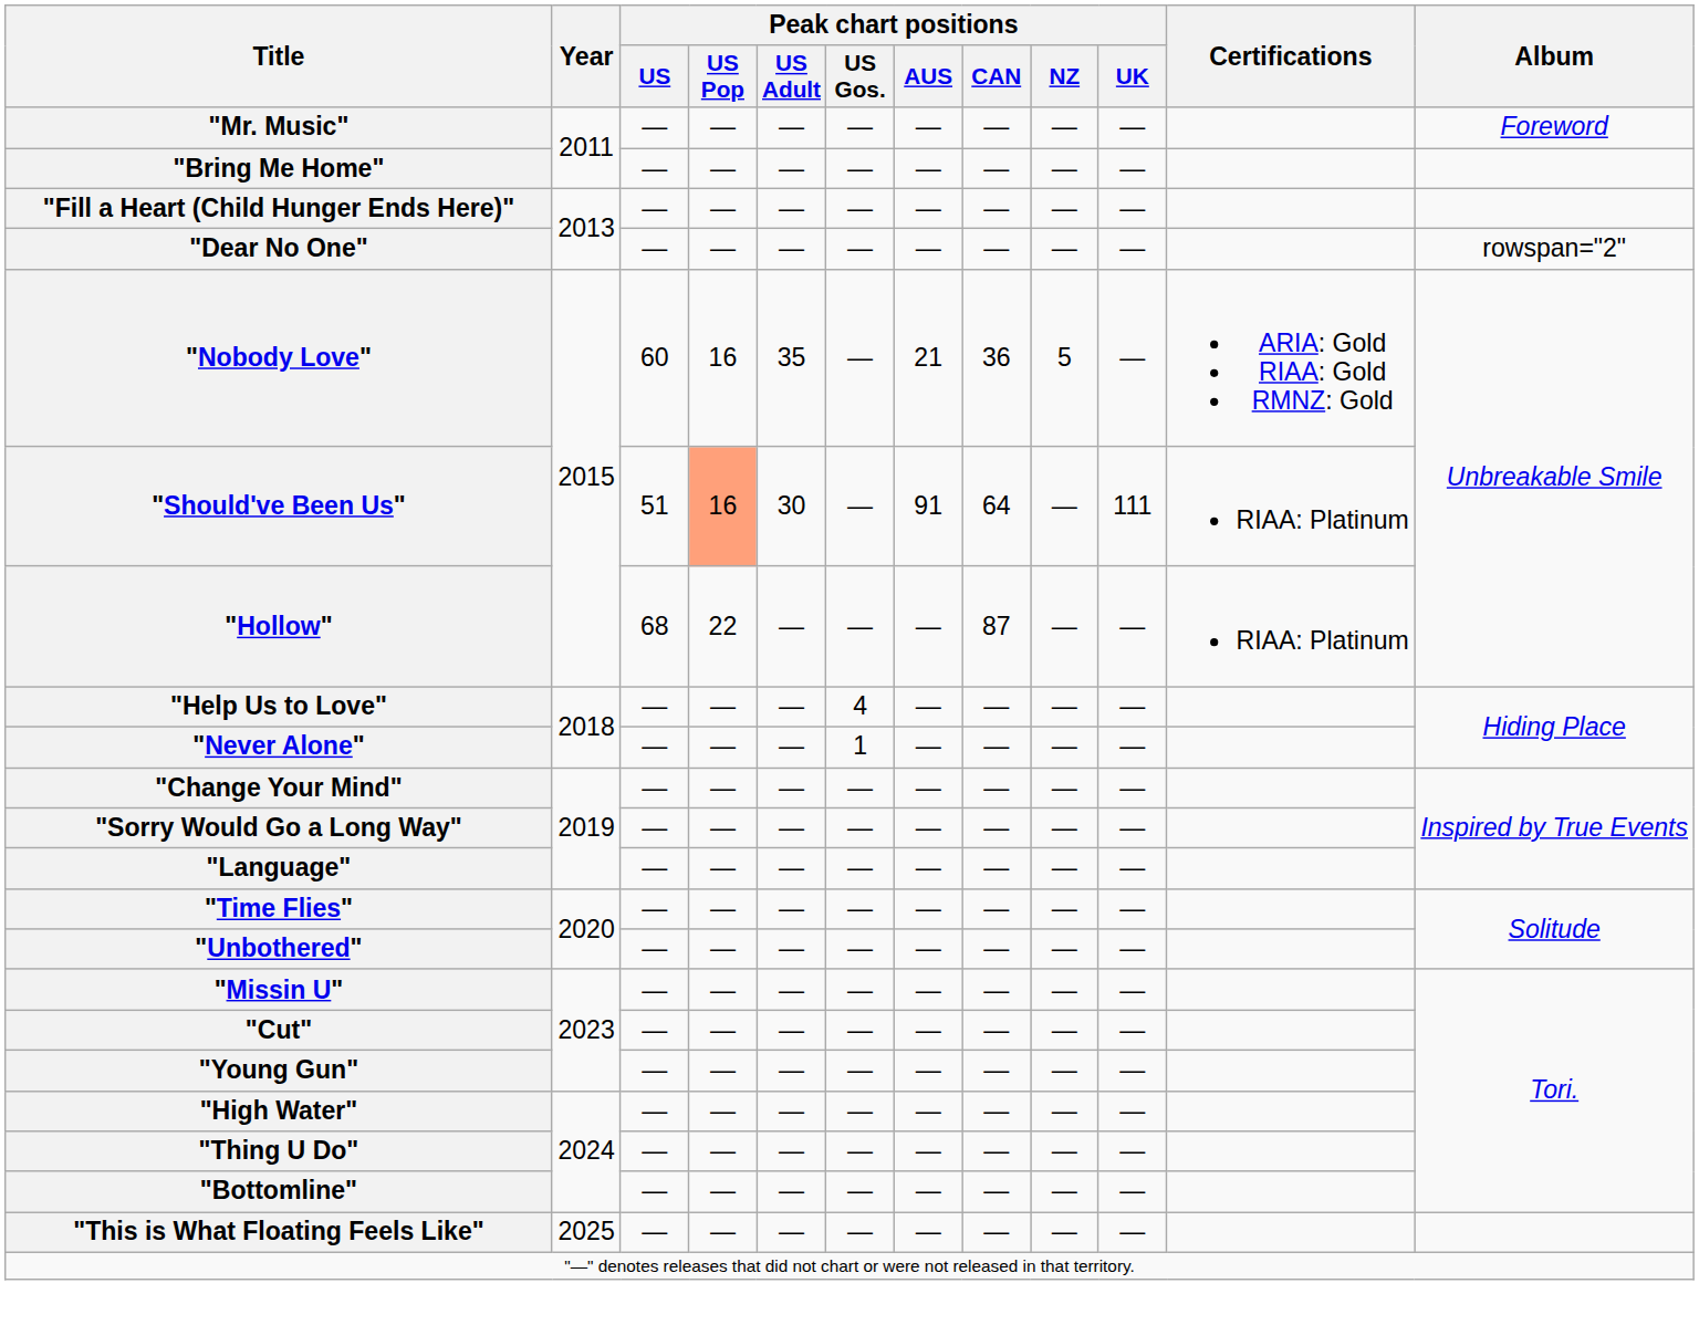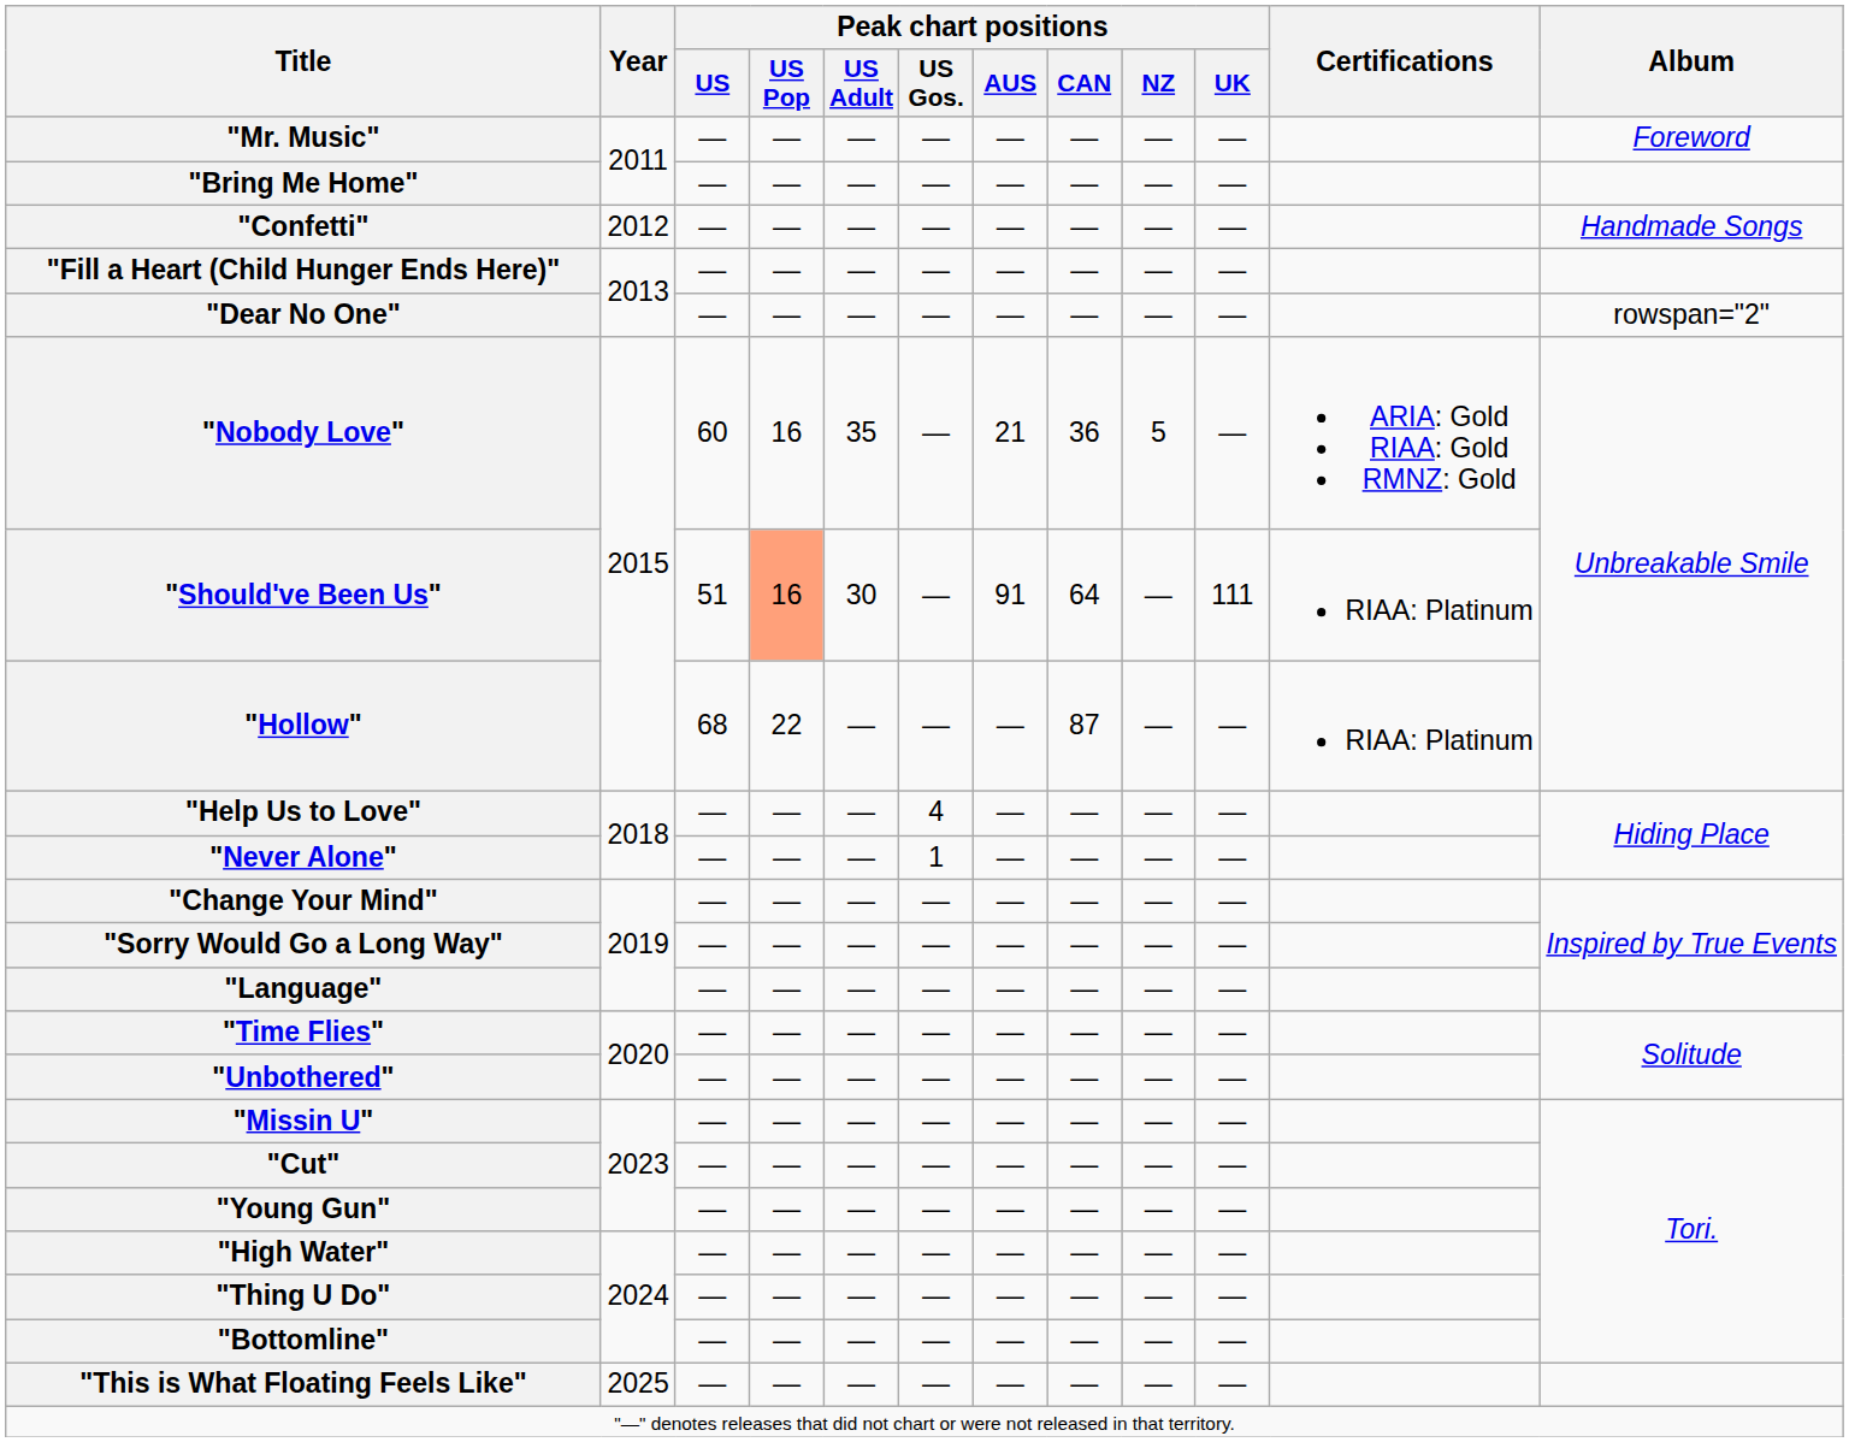 <table class="wikitable plainrowheaders" style="text-align:center;">
 <tr>
 <th scope="col" rowspan="2" style="width:21em;">Title</th>
 <th scope="col" rowspan="2">Year</th>
 <th scope="col" colspan="8">Peak chart positions</th>
 <th scope="col" rowspan="2">Certifications</th>
 <th scope="col" rowspan="2">Album</th>
 </tr>
 <tr>
 <th scope="col" style="width:2.5em;font-size:90%;"><a href='#'>US</a><br></th>
 <th scope="col" style="width:2.5em;font-size:90%;"><a href='#'>US<br>Pop</a><br></th>
 <th scope="col" style="width:2.5em;font-size:90%;"><a href='#'>US<br>Adult</a><br></th>
 <th scope="col" style="width:2.5em;font-size:90%;">US<br>Gos.<br></th>
 <th scope="col" style="width:2.5em;font-size:90%;"><a href='#'>AUS</a><br></th>
 <th scope="col" style="width:2.5em;font-size:90%;"><a href='#'>CAN</a><br></th>
 <th scope="col" style="width:2.5em;font-size:90%;"><a href='#'>NZ</a><br></th>
 <th scope="col" style="width:2.5em;font-size:90%;"><a href='#'>UK</a><br></th>
 </tr>
 <tr>
 <th scope="row">"Mr. Music"</th>
 <td rowspan="2">2011</td>
 <td>—</td>
 <td>—</td>
 <td>—</td>
 <td>—</td>
 <td>—</td>
 <td>—</td>
 <td>—</td>
 <td>—</td>
 <td></td>
 <td><em><a href='#'>Foreword</a></em></td>
 </tr>
 <tr>
 <th scope="row">"Bring Me Home"</th>
 <td>—</td>
 <td>—</td>
 <td>—</td>
 <td>—</td>
 <td>—</td>
 <td>—</td>
 <td>—</td>
 <td>—</td>
 <td></td>
+</tr>
+<tr>
+<th scope="row">"Confetti"</th>
+<td>2012</td>
+<td>—</td>
+<td>—</td>
+<td>—</td>
+<td>—</td>
+<td>—</td>
+<td>—</td>
+<td>—</td>
+<td>—</td>
+<td></td>
+<td><em><a href='#'>Handmade Songs</a></em></td>
 </tr>
 <tr>
 <th scope="row">"Fill a Heart (Child Hunger Ends Here)"</th>
 <td rowspan="2">2013</td>
 <td>—</td>
 <td>—</td>
 <td>—</td>
 <td>—</td>
 <td>—</td>
 <td>—</td>
 <td>—</td>
 <td>—</td>
 <td></td>
 <td></td>
 </tr>
 <tr>
 <th scope="row">"Dear No One"</th>
 <td>—</td>
 <td>—</td>
 <td>—</td>
 <td>—</td>
 <td>—</td>
 <td>—</td>
 <td>—</td>
 <td>—</td>
 <td></td>
 <td>rowspan="2" </td>
 </tr>
 <tr>
 <th scope="row">"<a href='#'>Nobody Love</a>"</th>
 <td rowspan="3">2015</td>
 <td>60</td>
 <td>16</td>
 <td>35</td>
 <td>—</td>
 <td>21</td>
 <td>36</td>
 <td>5</td>
 <td>—</td>
 <td><br><ul><li><a href='#'>ARIA</a>: Gold</li><li><a href='#'>RIAA</a>: Gold</li><li><a href='#'>RMNZ</a>: Gold</li></ul></td>
 <td rowspan="3"><em><a href='#'>Unbreakable Smile</a></em></td>
 </tr>
 <tr>
 <th scope="row">"<a href='#'>Should've Been Us</a>"<br></th>
 <td>51</td>
 <td style="background: lightsalmon;">16</td>
 <td>30</td>
 <td>—</td>
 <td>91</td>
 <td>64</td>
 <td>—</td>
 <td>111</td>
 <td><br><ul><li>RIAA: Platinum</li></ul></td>
 </tr>
 <tr>
 <th scope="row">"<a href='#'>Hollow</a>"</th>
 <td>68</td>
 <td>22</td>
 <td>—</td>
 <td>—</td>
 <td>—</td>
 <td>87</td>
 <td>—</td>
 <td>—</td>
 <td><br><ul><li>RIAA: Platinum</li></ul></td>
 </tr>
 <tr>
 <th scope="row">"Help Us to Love"<br></th>
 <td rowspan="2">2018</td>
 <td>—</td>
 <td>—</td>
 <td>—</td>
 <td>4</td>
 <td>—</td>
 <td>—</td>
 <td>—</td>
 <td>—</td>
 <td></td>
 <td rowspan="2"><em><a href='#'>Hiding Place</a></em></td>
 </tr>
 <tr>
 <th scope="row">"<a href='#'>Never Alone</a>"<br></th>
 <td>—</td>
 <td>—</td>
 <td>—</td>
 <td>1</td>
 <td>—</td>
 <td>—</td>
 <td>—</td>
 <td>—</td>
 <td></td>
 </tr>
 <tr>
 <th scope="row">"Change Your Mind"</th>
 <td rowspan="3">2019</td>
 <td>—</td>
 <td>—</td>
 <td>—</td>
 <td>—</td>
 <td>—</td>
 <td>—</td>
 <td>—</td>
 <td>—</td>
 <td></td>
 <td rowspan="3"><em><a href='#'>Inspired by True Events</a></em></td>
 </tr>
 <tr>
 <th scope="row">"Sorry Would Go a Long Way"</th>
 <td>—</td>
 <td>—</td>
 <td>—</td>
 <td>—</td>
 <td>—</td>
 <td>—</td>
 <td>—</td>
 <td>—</td>
 <td></td>
 </tr>
 <tr>
 <th scope="row">"Language"</th>
 <td>—</td>
 <td>—</td>
 <td>—</td>
 <td>—</td>
 <td>—</td>
 <td>—</td>
 <td>—</td>
 <td>—</td>
 <td></td>
 </tr>
 <tr>
 <th scope="row">"<a href='#'>Time Flies</a>"</th>
 <td rowspan=2>2020</td>
 <td>—</td>
 <td>—</td>
 <td>—</td>
 <td>—</td>
 <td>—</td>
 <td>—</td>
 <td>—</td>
 <td>—</td>
 <td></td>
 <td rowspan=2><em><a href='#'>Solitude</a></em></td>
 </tr>
 <tr>
 <th scope="row">"<a href='#'>Unbothered</a>"</th>
 <td>—</td>
 <td>—</td>
 <td>—</td>
 <td>—</td>
 <td>—</td>
 <td>—</td>
 <td>—</td>
 <td>—</td>
 <td></td>
 </tr>
 <tr>
 <th scope="row">"<a href='#'>Missin U</a>"</th>
 <td rowspan="3">2023</td>
 <td>—</td>
 <td>—</td>
 <td>—</td>
 <td>—</td>
 <td>—</td>
 <td>—</td>
 <td>—</td>
 <td>—</td>
 <td></td>
 <td rowspan="6"><em><a href='#'>Tori.</a></em></td>
 </tr>
 <tr>
 <th scope="row">"Cut"</th>
 <td>—</td>
 <td>—</td>
 <td>—</td>
 <td>—</td>
 <td>—</td>
 <td>—</td>
 <td>—</td>
 <td>—</td>
 <td></td>
 </tr>
 <tr>
 <th scope="row">"Young Gun"<br></th>
 <td>—</td>
 <td>—</td>
 <td>—</td>
 <td>—</td>
 <td>—</td>
 <td>—</td>
 <td>—</td>
 <td>—</td>
 <td></td>
 </tr>
 <tr>
 <th scope="row">"High Water"</th>
 <td rowspan="3">2024</td>
 <td>—</td>
 <td>—</td>
 <td>—</td>
 <td>—</td>
 <td>—</td>
 <td>—</td>
 <td>—</td>
 <td>—</td>
 <td></td>
 </tr>
 <tr>
 <th scope="row">"Thing U Do"</th>
 <td>—</td>
 <td>—</td>
 <td>—</td>
 <td>—</td>
 <td>—</td>
 <td>—</td>
 <td>—</td>
 <td>—</td>
 <td></td>
 </tr>
 <tr>
 <th scope="row">"Bottomline"<br></th>
 <td>—</td>
 <td>—</td>
 <td>—</td>
 <td>—</td>
 <td>—</td>
 <td>—</td>
 <td>—</td>
 <td>—</td>
 <td></td>
 </tr>
 <tr>
 <th scope="row">"This is What Floating Feels Like"<br></th>
 <td>2025</td>
 <td>—</td>
 <td>—</td>
 <td>—</td>
 <td>—</td>
 <td>—</td>
 <td>—</td>
 <td>—</td>
 <td>—</td>
 <td></td>
 <td></td>
 </tr>
 <tr>
 <td colspan="12" style="font-size:8pt">"—" denotes releases that did not chart or were not released in that territory.</td>
 </tr>
 </table>
